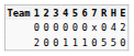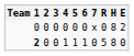 <table class="wikitable">
 <tr>
 <th style="border-style: none none none none;">Team</th>
 <th style="border-style: none none none none;">1</th>
 <th style="border-style: none none none none;">2</th>
 <th style="border-style: none none none none;">3</th>
 <th style="border-style: none none none none;">4</th>
 <th style="border-style: none none none none;">5</th>
 <th style="border-style: none none none none;">6</th>
 <th style="border-style: none none none none;">7</th>
 <th style="border-style: none none none none;">R</th>
 <th style="border-style: none none none none;">H</th>
 <th style="border-style: none none none none;">E</th>
 </tr>
 <tr>
 <td style="border-style: none none none none;"></td>
 <td style="border-style: none none none none;">0</td>
 <td style="border-style: none none none none;">0</td>
 <td style="border-style: none none none none;">0</td>
 <td style="border-style: none none none none;">0</td>
 <td style="border-style: none none none none;">0</td>
 <td style="border-style: none none none none;">0</td>
 <td style="border-style: none none none none;">x</td>
 <td style="border-style: none none none none;">0</td>
-<td style="border-style: none none none none;">4</td>
+<td style="border-style: none none none none;">8</td>
 <td style="border-style: none none none none;">2</td>
 </tr>
 <tr>
 <td style="border-style: none none none none;"></td>
-<td style="border-style: none none none none;">2</td>
+<td style="border-style: none none none none;"><strong>2</strong></td>
 <td style="border-style: none none none none;">0</td>
 <td style="border-style: none none none none;">0</td>
 <td style="border-style: none none none none;">1</td>
 <td style="border-style: none none none none;">1</td>
 <td style="border-style: none none none none;">1</td>
 <td style="border-style: none none none none;">0</td>
 <td style="border-style: none none none none;">5</td>
-<td style="border-style: none none none none;">5</td>
+<td style="border-style: none none none none;">8</td>
 <td style="border-style: none none none none;">0</td>
 </tr>
 </table>
